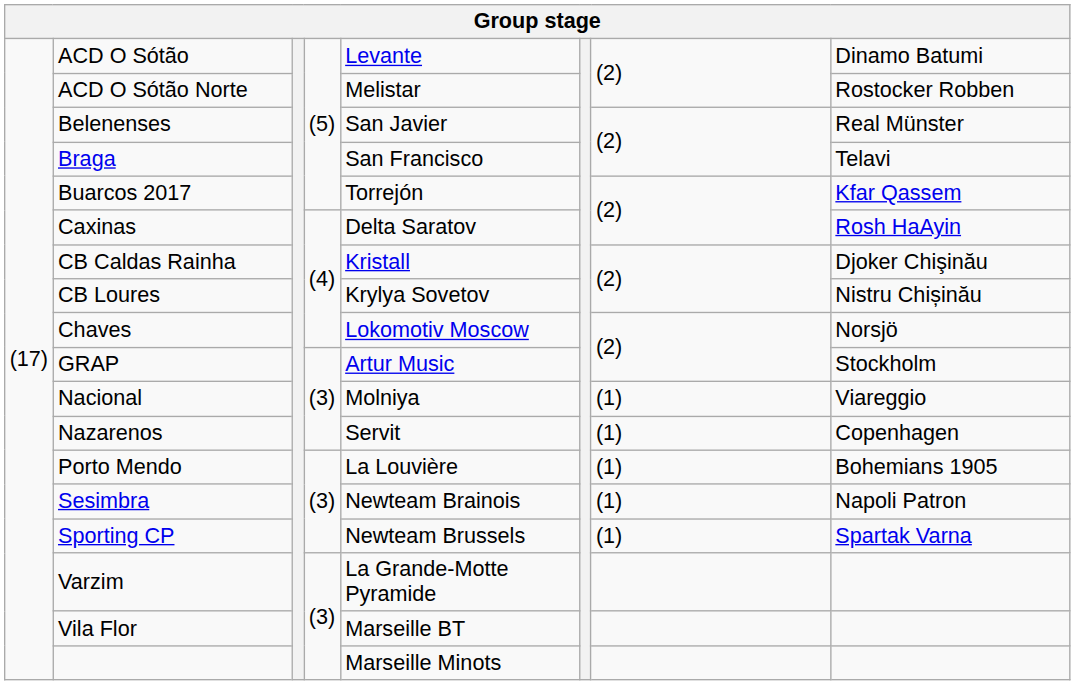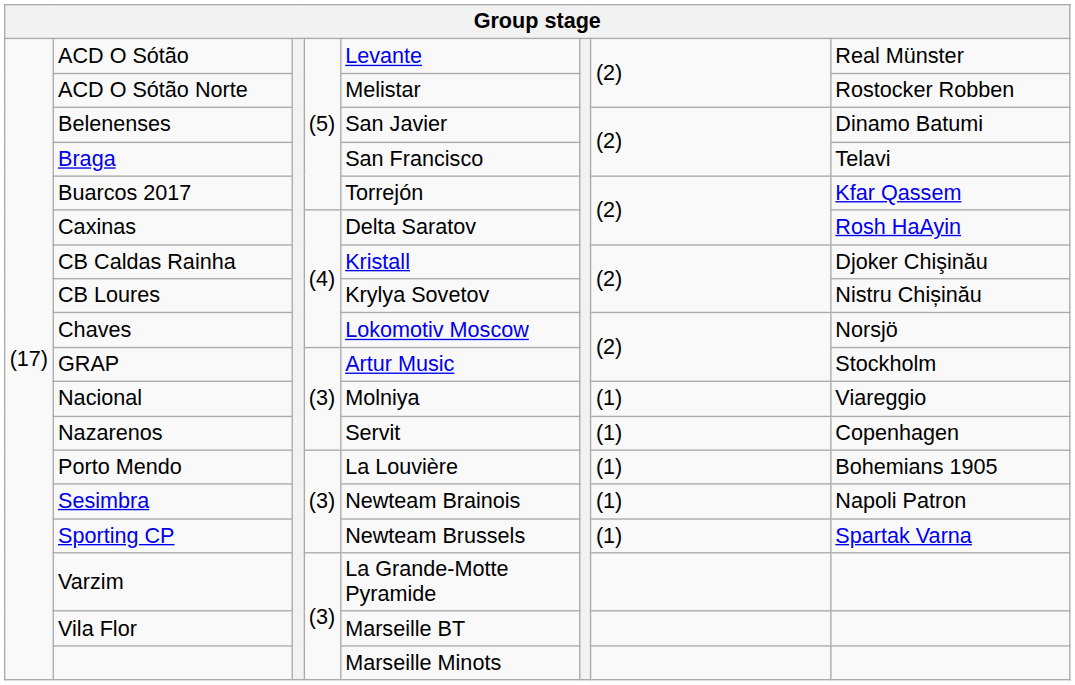 <table class="wikitable">
 <tr>
 <th colspan="8">Group stage</th>
 </tr>
 <tr>
 <td rowspan="18"> (17)</td>
 <td width="170">ACD O Sótão </td>
 <th rowspan="18" width=1></th>
 <td rowspan="5"> (5)</td>
 <td width="170"><a href='#'>Levante</a></td>
 <th rowspan="18" width=1></th>
 <td rowspan="2" width="170"> (2)</td>
-<td>Dinamo Batumi</td>
+<td width="170">Real Münster</td>
 </tr>
 <tr>
 <td>ACD O Sótão Norte</td>
 <td>Melistar</td>
 <td>Rostocker Robben</td>
 </tr>
 <tr>
 <td>Belenenses</td>
 <td>San Javier</td>
 <td rowspan="2"> (2)</td>
-<td width="170">Real Münster</td>
+<td>Dinamo Batumi</td>
 </tr>
 <tr>
 <td><a href='#'>Braga</a></td>
 <td>San Francisco</td>
 <td>Telavi</td>
 </tr>
 <tr>
 <td>Buarcos 2017</td>
 <td>Torrejón</td>
 <td rowspan="2"> (2)</td>
 <td><a href='#'>Kfar Qassem</a></td>
 </tr>
 <tr>
 <td>Caxinas</td>
 <td rowspan="4"> (4)</td>
 <td>Delta Saratov</td>
 <td><a href='#'>Rosh HaAyin</a></td>
 </tr>
 <tr>
 <td>CB Caldas Rainha</td>
 <td><a href='#'>Kristall</a> </td>
 <td rowspan="2"> (2)</td>
 <td>Djoker Chişinău</td>
 </tr>
 <tr>
 <td>CB Loures</td>
 <td>Krylya Sovetov</td>
 <td>Nistru Chișinău</td>
 </tr>
 <tr>
 <td>Chaves</td>
 <td><a href='#'>Lokomotiv Moscow</a></td>
 <td rowspan="2"> (2)</td>
 <td>Norsjö</td>
 </tr>
 <tr>
 <td>GRAP</td>
 <td rowspan="3"> (3)</td>
 <td><a href='#'>Artur Music</a></td>
 <td>Stockholm</td>
 </tr>
 <tr>
 <td>Nacional</td>
 <td>Molniya</td>
 <td> (1)</td>
 <td>Viareggio</td>
 </tr>
 <tr>
 <td>Nazarenos</td>
 <td>Servit</td>
 <td> (1)</td>
 <td>Copenhagen</td>
 </tr>
 <tr>
 <td>Porto Mendo</td>
 <td rowspan="3"> (3)</td>
 <td>La Louvière</td>
 <td> (1)</td>
 <td>Bohemians 1905</td>
 </tr>
 <tr>
 <td><a href='#'>Sesimbra</a></td>
 <td>Newteam Brainois</td>
 <td> (1)</td>
 <td>Napoli Patron</td>
 </tr>
 <tr>
 <td><a href='#'>Sporting CP</a></td>
 <td>Newteam Brussels</td>
 <td> (1)</td>
 <td><a href='#'>Spartak Varna</a></td>
 </tr>
 <tr>
 <td>Varzim</td>
 <td rowspan="3"> (3)</td>
 <td>La Grande-Motte Pyramide</td>
 <td></td>
 <td></td>
 </tr>
 <tr>
 <td>Vila Flor</td>
 <td>Marseille BT</td>
 <td></td>
 <td></td>
 </tr>
 <tr>
 <td></td>
 <td>Marseille Minots</td>
 <td></td>
 <td></td>
 </tr>
 </table>
